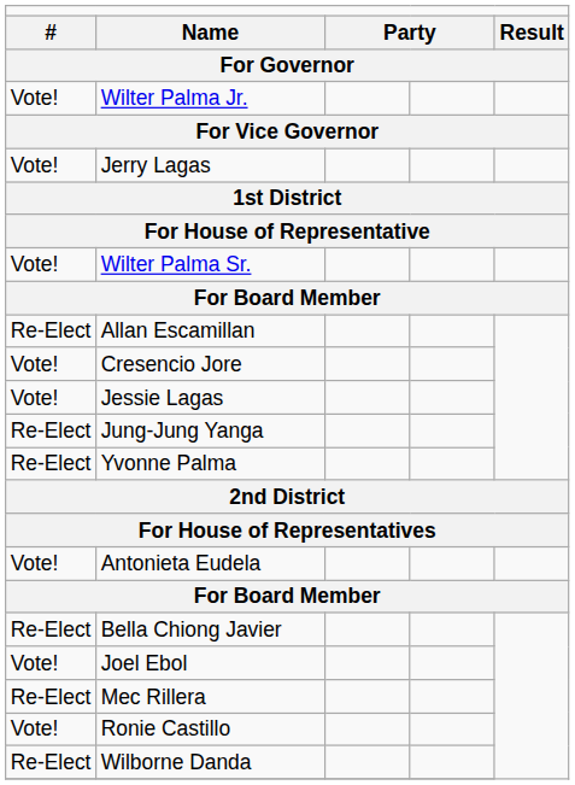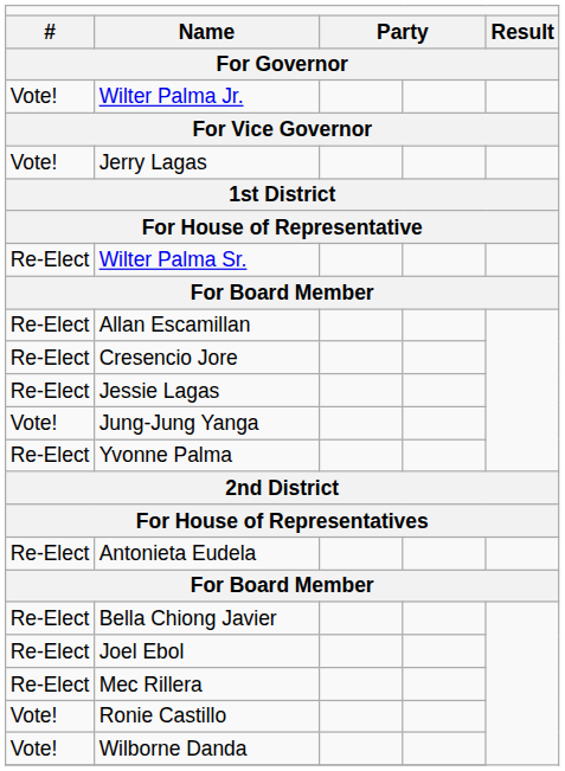 <table class="wikitable" style="font-size:90%">
 <tr>
 <td colspan="5"></td>
 </tr>
 <tr>
 <th>#</th>
 <th width="150px">Name</th>
 <th colspan="2" width="110px">Party</th>
 <th>Result</th>
 </tr>
 <tr>
 <th colspan="5">For Governor</th>
 </tr>
 <tr>
 <td>Vote!</td>
 <td><a href='#'>Wilter Palma Jr.</a></td>
 <td></td>
 <td></td>
 </tr>
 <tr>
 <th colspan="5">For Vice Governor</th>
 </tr>
 <tr>
 <td>Vote!</td>
 <td>Jerry Lagas</td>
 <td></td>
 <td></td>
 </tr>
 <tr>
 <th colspan="5">1st District</th>
 </tr>
 <tr>
 <th colspan="5">For House of Representative</th>
 </tr>
 <tr>
-<td>Vote!</td>
+<td>Re-Elect</td>
 <td><a href='#'>Wilter Palma Sr.</a></td>
 <td></td>
 <td></td>
 </tr>
 <tr>
 <th colspan="5">For Board Member</th>
 </tr>
 <tr>
 <td>Re-Elect</td>
 <td>Allan Escamillan</td>
 <td></td>
 <td></td>
 </tr>
 <tr>
-<td>Vote!</td>
+<td>Re-Elect</td>
 <td>Cresencio Jore</td>
 <td></td>
 <td></td>
 </tr>
 <tr>
-<td>Vote!</td>
+<td>Re-Elect</td>
 <td>Jessie Lagas</td>
 <td></td>
 <td></td>
 </tr>
 <tr>
-<td>Re-Elect</td>
+<td>Vote!</td>
 <td>Jung-Jung Yanga</td>
 <td></td>
 <td></td>
 </tr>
 <tr>
 <td>Re-Elect</td>
 <td>Yvonne Palma</td>
 <td></td>
 <td></td>
 </tr>
 <tr>
 <th colspan="5">2nd District</th>
 </tr>
 <tr>
 <th colspan="5">For House of Representatives</th>
 </tr>
 <tr>
-<td>Vote!</td>
+<td>Re-Elect</td>
 <td>Antonieta Eudela</td>
 <td></td>
 <td></td>
 </tr>
 <tr>
 <th colspan="5">For Board Member</th>
 </tr>
 <tr>
 <td>Re-Elect</td>
 <td>Bella Chiong Javier</td>
 <td></td>
 <td></td>
 </tr>
 <tr>
-<td>Vote!</td>
+<td>Re-Elect</td>
 <td>Joel Ebol</td>
 <td></td>
 <td></td>
 </tr>
 <tr>
 <td>Re-Elect</td>
 <td>Mec Rillera</td>
 <td></td>
 <td></td>
 </tr>
 <tr>
 <td>Vote!</td>
 <td>Ronie Castillo</td>
 <td></td>
 <td></td>
 </tr>
 <tr>
-<td>Re-Elect</td>
+<td>Vote!</td>
 <td>Wilborne Danda</td>
 <td></td>
 <td></td>
 </tr>
 <tr>
 </tr>
 </table>
